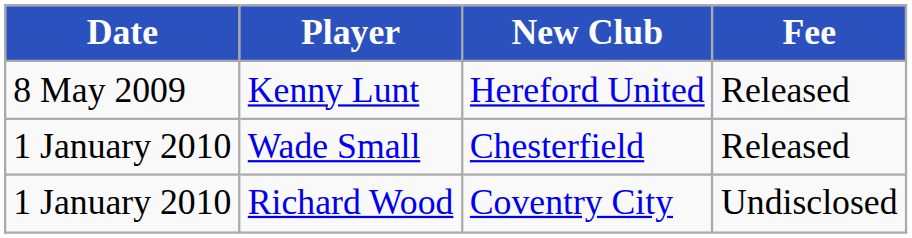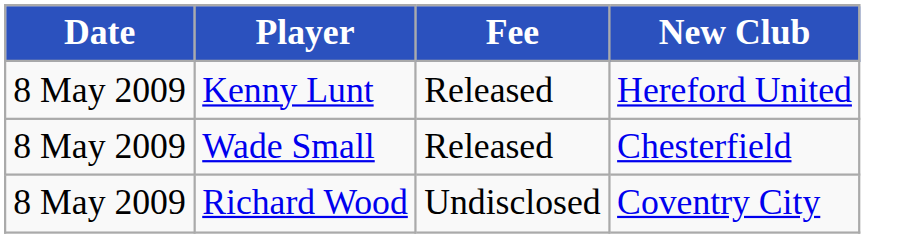 <table class="wikitable">
 <tr>
 <th style="background:#2B51BE; color:#FFFFFF; ">Date</th>
 <th style="background:#2B51BE; color:#FFFFFF; ">Player</th>
+<th style="background:#2B51BE; color:#FFFFFF; ">Fee</th>
 <th style="background:#2B51BE; color:#FFFFFF; ">New Club</th>
-<th style="background:#2B51BE; color:#FFFFFF; ">Fee</th>
 </tr>
 <tr>
 <td>8 May 2009</td>
 <td><a href='#'>Kenny Lunt</a></td>
+<td>Released</td>
 <td><a href='#'>Hereford United</a></td>
-<td>Released</td>
 </tr>
 <tr>
-<td>1 January 2010</td>
+<td>8 May 2009</td>
 <td><a href='#'>Wade Small</a></td>
+<td>Released</td>
 <td><a href='#'>Chesterfield</a></td>
-<td>Released</td>
 </tr>
 <tr>
-<td>1 January 2010</td>
+<td>8 May 2009</td>
 <td><a href='#'>Richard Wood</a></td>
+<td>Undisclosed</td>
 <td><a href='#'>Coventry City</a></td>
-<td>Undisclosed</td>
 </tr>
 </table>
